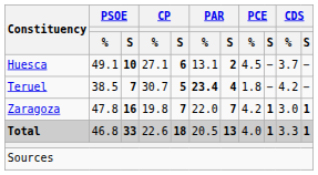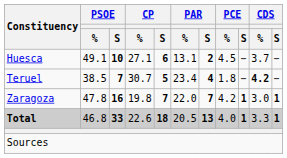 <table class="wikitable sortable" style="text-align:right; line-height:20px;">
 <tr>
 <th rowspan="3">Constituency</th>
 <th colspan="2" width="30px" class="unsortable"><a href='#'>PSOE</a></th>
 <th colspan="2" width="30px" class="unsortable"><a href='#'>CP</a></th>
 <th colspan="2" width="30px" class="unsortable"><a href='#'>PAR</a></th>
 <th colspan="2" width="30px" class="unsortable"><a href='#'>PCE</a></th>
 <th colspan="2" width="30px" class="unsortable"><a href='#'>CDS</a></th>
 </tr>
 <tr>
 <th colspan="2" style="background:"></th>
 <th colspan="2" style="background:"></th>
 <th colspan="2" style="background:"></th>
 <th colspan="2" style="background:"></th>
 <th colspan="2" style="background:"></th>
 </tr>
 <tr>
 <th data-sort-type="number">%</th>
 <th data-sort-type="number">S</th>
 <th data-sort-type="number">%</th>
 <th data-sort-type="number">S</th>
 <th data-sort-type="number">%</th>
 <th data-sort-type="number">S</th>
 <th data-sort-type="number">%</th>
 <th data-sort-type="number">S</th>
 <th data-sort-type="number">%</th>
 <th data-sort-type="number">S</th>
 </tr>
 <tr>
 <td align="left"><a href='#'>Huesca</a></td>
 <td style="background:">49.1</td>
 <td><strong>10</strong></td>
 <td>27.1</td>
 <td><strong>6</strong></td>
 <td>13.1</td>
 <td><strong>2</strong></td>
 <td>4.5</td>
 <td>−</td>
 <td>3.7</td>
 <td>−</td>
 </tr>
 <tr>
 <td align="left"><a href='#'>Teruel</a></td>
 <td style="background:">38.5</td>
 <td><strong>7</strong></td>
 <td>30.7</td>
 <td><strong>5</strong></td>
-<td><strong>23.4</strong></td>
+<td>23.4</td>
 <td><strong>4</strong></td>
 <td>1.8</td>
 <td>−</td>
-<td>4.2</td>
+<td><strong>4.2</strong></td>
 <td>−</td>
 </tr>
 <tr>
 <td align="left"><a href='#'>Zaragoza</a></td>
 <td style="background:">47.8</td>
 <td><strong>16</strong></td>
 <td>19.8</td>
 <td><strong>7</strong></td>
 <td>22.0</td>
 <td><strong>7</strong></td>
 <td>4.2</td>
 <td><strong>1</strong></td>
 <td>3.0</td>
 <td><strong>1</strong></td>
 </tr>
 <tr style="background:#CDCDCD;">
 <td align="left"><strong>Total</strong></td>
 <td style="background:">46.8</td>
 <td><strong>33</strong></td>
 <td>22.6</td>
 <td><strong>18</strong></td>
 <td>20.5</td>
 <td><strong>13</strong></td>
 <td>4.0</td>
 <td><strong>1</strong></td>
 <td>3.3</td>
 <td><strong>1</strong></td>
 </tr>
 <tr>
 <th colspan="11"></th>
 </tr>
 <tr>
 <th style="text-align:left; font-weight:normal; background:#F9F9F9" colspan="11">Sources</th>
 </tr>
 </table>
